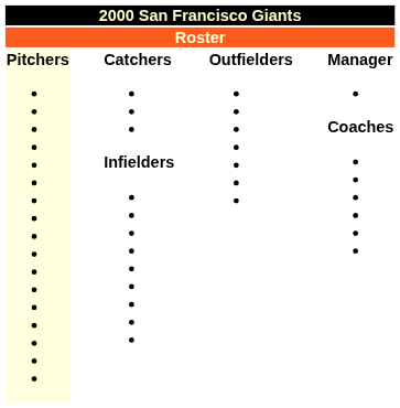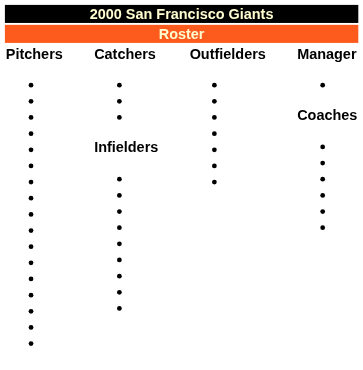 <table class="toccolours" style="font-size: 95%;">
 <tr>
 <th colspan="10" style="background-color: black; color: #FFFDD0; text-align: center;">2000 San Francisco Giants</th>
 </tr>
 <tr>
 <td colspan="10" style="background-color: #fd5a1e; color: #FFFDD0; text-align: center;"><strong>Roster</strong></td>
 </tr>
 <tr>
-<td valign="top" style="background: lightyellow;"><strong>Pitchers</strong><br><ul><li></li><li></li><li></li><li></li><li></li><li></li><li></li><li></li><li></li><li></li><li></li><li></li><li></li><li></li><li></li><li></li><li></li></ul></td>
+<td valign="top"><strong>Pitchers</strong><br><ul><li></li><li></li><li></li><li></li><li></li><li></li><li></li><li></li><li></li><li></li><li></li><li></li><li></li><li></li><li></li><li></li><li></li></ul></td>
 <td width="25px"></td>
 <td valign="top"><strong>Catchers</strong><br><ul><li></li><li></li><li></li></ul><strong>Infielders</strong><ul><li></li><li></li><li></li><li></li><li></li><li></li><li></li><li></li><li></li></ul></td>
 <td width="25px"></td>
 <td valign="top"><strong>Outfielders</strong><br><ul><li></li><li></li><li></li><li></li><li></li><li></li><li></li></ul></td>
 <td width="25px"></td>
 <td valign="top"><strong>Manager</strong><br><ul><li></li></ul><strong>Coaches</strong><ul><li></li><li></li><li></li><li></li><li></li><li></li></ul></td>
 </tr>
 <tr>
 </tr>
 </table>
